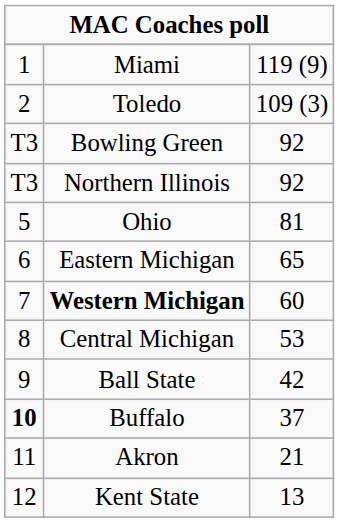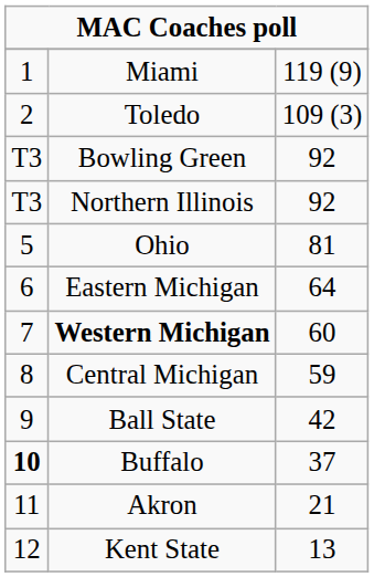 <table class="wikitable" style="display: inline-table;">
 <tr align="center">
 <td align="center" Colspan="3"><strong>MAC Coaches poll</strong></td>
 </tr>
 <tr align="center">
 </tr>
 <tr align="center">
 <td>1</td>
 <td>Miami</td>
 <td>119 (9)</td>
 </tr>
 <tr align="center">
 <td>2</td>
 <td>Toledo</td>
 <td>109 (3)</td>
 </tr>
 <tr align="center">
 <td>T3</td>
 <td>Bowling Green</td>
 <td>92</td>
 </tr>
 <tr align="center">
 <td>T3</td>
 <td>Northern Illinois</td>
 <td>92</td>
 </tr>
 <tr align="center">
 <td>5</td>
 <td>Ohio</td>
 <td>81</td>
 </tr>
 <tr align="center">
 <td>6</td>
 <td>Eastern Michigan</td>
-<td>65</td>
+<td>64</td>
 </tr>
 <tr align="center">
 <td>7</td>
 <td><strong>Western Michigan</strong></td>
 <td>60</td>
 </tr>
 <tr align="center">
 <td>8</td>
 <td>Central Michigan</td>
-<td>53</td>
+<td>59</td>
 </tr>
 <tr align="center">
 <td>9</td>
 <td>Ball State</td>
 <td>42</td>
 </tr>
 <tr align="center">
 <td><strong>10</strong></td>
 <td>Buffalo</td>
 <td>37</td>
 </tr>
 <tr align="center">
 <td>11</td>
 <td>Akron</td>
 <td>21</td>
 </tr>
 <tr align="center">
 <td>12</td>
 <td>Kent State</td>
 <td>13</td>
 </tr>
 </table>
